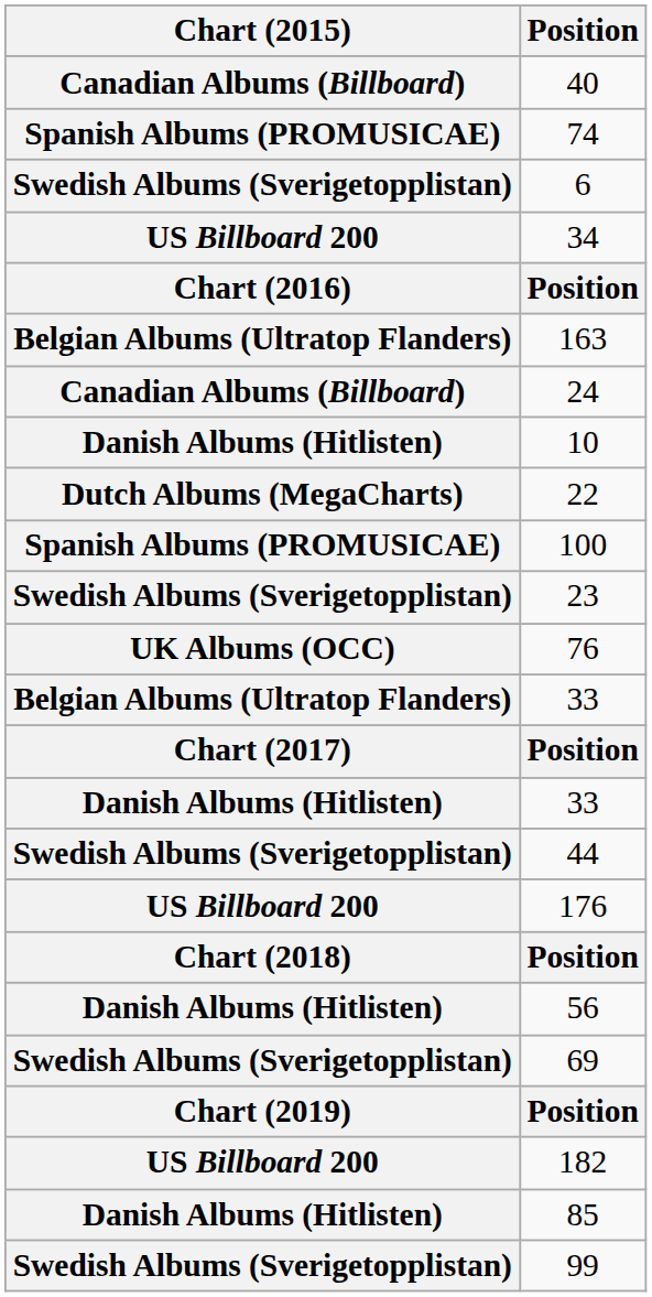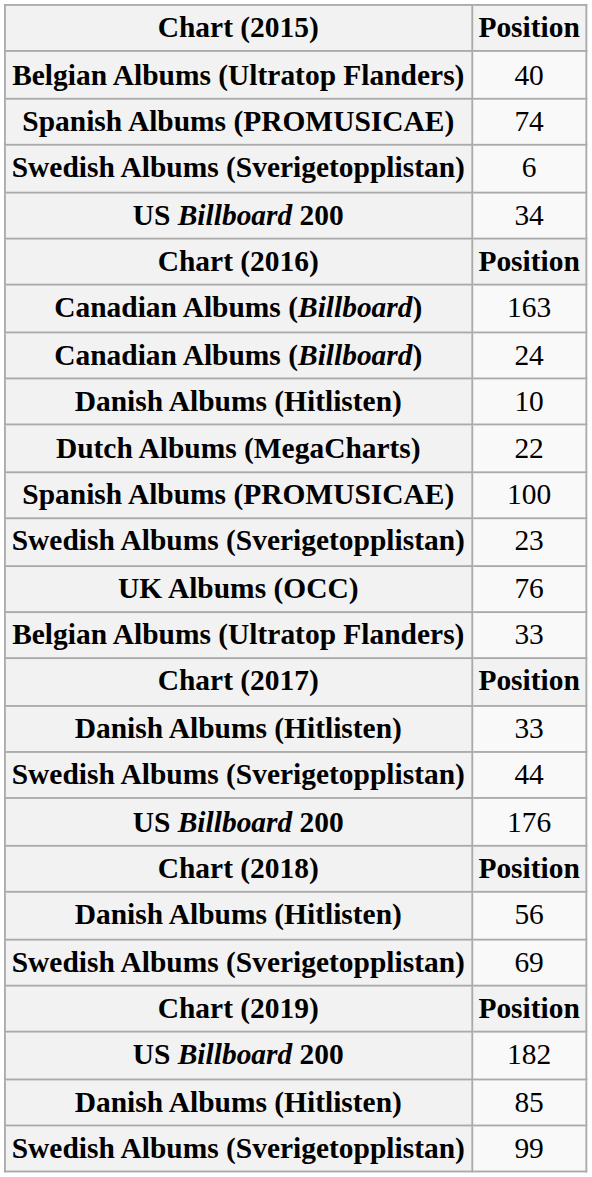 <table class="wikitable sortable plainrowheaders" style="text-align:center">
 <tr>
 <th scope="col">Chart (2015)</th>
 <th scope="col">Position</th>
 </tr>
 <tr>
-<th scope="row">Canadian Albums (<em>Billboard</em>)</th>
+<th scope="row">Belgian Albums (Ultratop Flanders)</th>
 <td>40</td>
 </tr>
 <tr>
 <th scope="row">Spanish Albums (PROMUSICAE)</th>
 <td>74</td>
 </tr>
 <tr>
 <th scope="row">Swedish Albums (Sverigetopplistan)</th>
 <td>6</td>
 </tr>
 <tr>
 <th scope="row">US <em>Billboard</em> 200</th>
 <td>34</td>
 </tr>
 <tr>
 <th scope="col">Chart (2016)</th>
 <th scope="col">Position</th>
 </tr>
 <tr>
-<th scope="row">Belgian Albums (Ultratop Flanders)</th>
+<th scope="row">Canadian Albums (<em>Billboard</em>)</th>
 <td>163</td>
 </tr>
 <tr>
 <th scope="row">Canadian Albums (<em>Billboard</em>)</th>
 <td>24</td>
 </tr>
 <tr>
 <th scope="row">Danish Albums (Hitlisten)</th>
 <td>10</td>
 </tr>
 <tr>
 <th scope="row">Dutch Albums (MegaCharts)</th>
 <td>22</td>
 </tr>
 <tr>
 <th scope="row">Spanish Albums (PROMUSICAE)</th>
 <td>100</td>
 </tr>
 <tr>
 <th scope="row">Swedish Albums (Sverigetopplistan)</th>
 <td>23</td>
 </tr>
 <tr>
 <th scope="row">UK Albums (OCC)</th>
 <td>76</td>
 </tr>
 <tr>
 <th scope="row">Belgian Albums (Ultratop Flanders)</th>
 <td>33</td>
 </tr>
 <tr>
 <th scope="col">Chart (2017)</th>
 <th scope="col">Position</th>
 </tr>
 <tr>
 <th scope="row">Danish Albums (Hitlisten)</th>
 <td>33</td>
 </tr>
 <tr>
 <th scope="row">Swedish Albums (Sverigetopplistan)</th>
 <td>44</td>
 </tr>
 <tr>
 <th scope="row">US <em>Billboard</em> 200</th>
 <td>176</td>
 </tr>
 <tr>
 <th scope="col">Chart (2018)</th>
 <th scope="col">Position</th>
 </tr>
 <tr>
 <th scope="row">Danish Albums (Hitlisten)</th>
 <td>56</td>
 </tr>
 <tr>
 <th scope="row">Swedish Albums (Sverigetopplistan)</th>
 <td>69</td>
 </tr>
 <tr>
 <th scope="col">Chart (2019)</th>
 <th scope="col">Position</th>
 </tr>
 <tr>
 <th scope="row">US <em>Billboard</em> 200</th>
 <td>182</td>
 </tr>
 <tr>
 <th scope="row">Danish Albums (Hitlisten)</th>
 <td>85</td>
 </tr>
 <tr>
 <th scope="row">Swedish Albums (Sverigetopplistan)</th>
 <td>99</td>
 </tr>
 </table>
